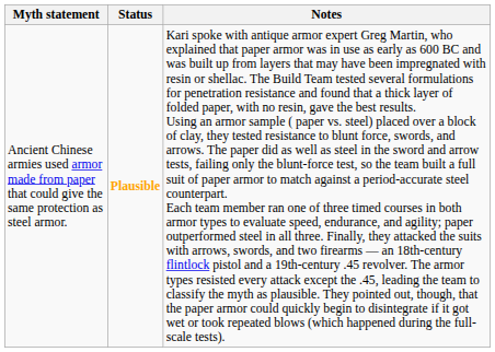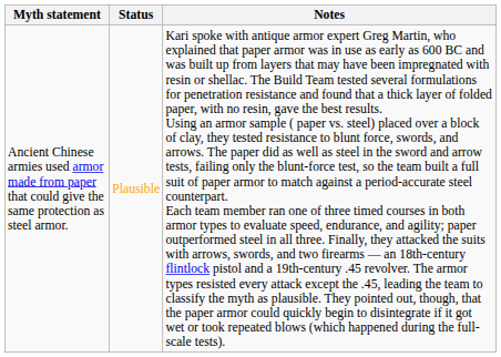 <table class="wikitable plainrowheaders">
 <tr>
 <th>Myth statement</th>
 <th>Status</th>
 <th>Notes</th>
 </tr>
 <tr>
 <td>Ancient Chinese armies used <a href='#'>armor made from paper</a> that could give the same protection as steel armor.</td>
-<td style="color:orange"><strong>Plausible</strong></td>
+<td style="color:orange">Plausible</td>
 <td>Kari spoke with antique armor expert Greg Martin, who explained that paper armor was in use as early as 600 BC and was built up from layers that may have been impregnated with resin or shellac. The Build Team tested several formulations for penetration resistance and found that a thick layer of folded paper, with no resin, gave the best results.<br>Using an armor sample ( paper vs.  steel) placed over a block of clay, they tested resistance to blunt force, swords, and arrows. The paper did as well as steel in the sword and arrow tests, failing only the blunt-force test, so the team built a full suit of paper armor to match against a period-accurate steel counterpart.<br>Each team member ran one of three timed courses in both armor types to evaluate speed, endurance, and agility; paper outperformed steel in all three. Finally, they attacked the suits with arrows, swords, and two firearms — an 18th-century <a href='#'>flintlock</a> pistol and a 19th-century .45 revolver. The armor types resisted every attack except the .45, leading the team to classify the myth as plausible. They pointed out, though, that the paper armor could quickly begin to disintegrate if it got wet or took repeated blows (which happened during the full-scale tests).</td>
 </tr>
 </table>
